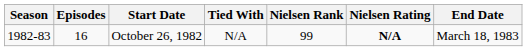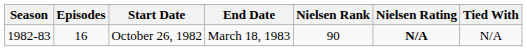 <table class="wikitable" style="text-align: center">
 <tr>
 <th>Season</th>
 <th>Episodes</th>
 <th>Start Date</th>
-<th>Tied With</th>
+<th>End Date</th>
 <th>Nielsen Rank</th>
 <th>Nielsen Rating</th>
-<th>End Date</th>
+<th>Tied With</th>
 </tr>
 <tr>
 <td style="text-align:center">1982-83</td>
 <td style="text-align:center">16</td>
 <td style="text-align:center">October 26, 1982</td>
+<td style="text-align:center">March 18, 1983</td>
+<td style="text-align:center:">90</td>
+<td style="text-align:center"><strong>N/A</strong></td>
 <td style="text-align:center">N/A</td>
-<td style="text-align:center:">99</td>
-<td style="text-align:center"><strong>N/A</strong></td>
-<td style="text-align:center">March 18, 1983</td>
 </tr>
 </table>
